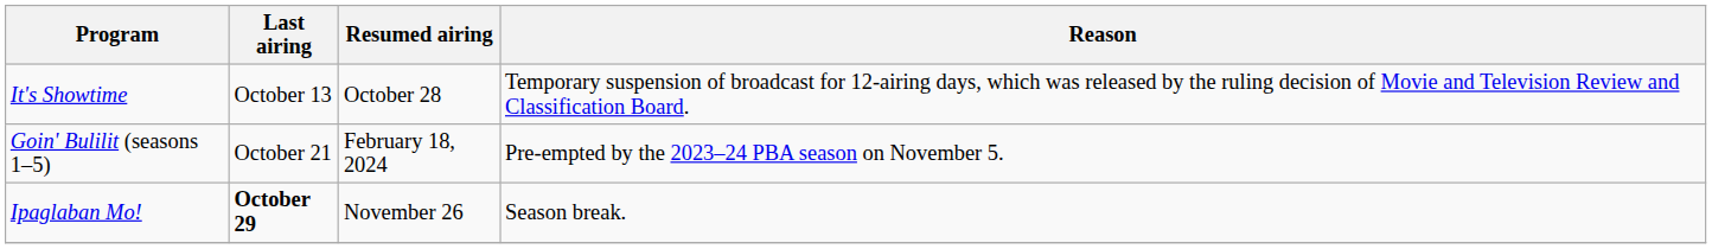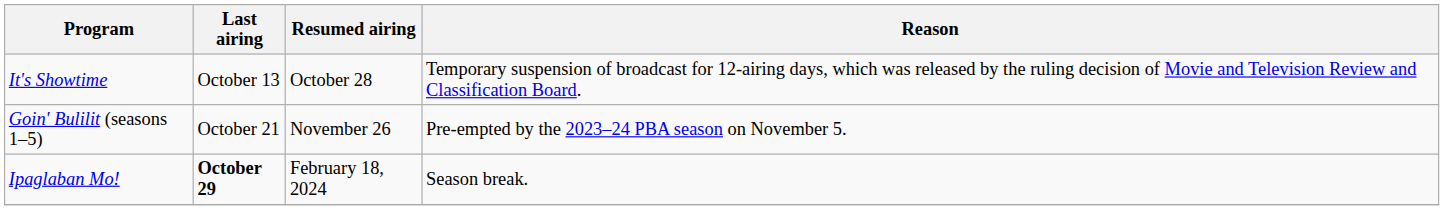 <table class="wikitable">
 <tr>
 <th>Program</th>
 <th>Last airing</th>
 <th>Resumed airing</th>
 <th>Reason</th>
 </tr>
 <tr>
 <td><em><a href='#'>It's Showtime</a></em></td>
 <td>October 13</td>
 <td>October 28</td>
 <td>Temporary suspension of broadcast for 12-airing days, which was released by the ruling decision of <a href='#'>Movie and Television Review and Classification Board</a>.</td>
 </tr>
 <tr>
 <td><em><a href='#'>Goin' Bulilit</a></em> (seasons 1–5)</td>
 <td>October 21</td>
-<td>February 18, 2024</td>
+<td>November 26</td>
 <td>Pre-empted by the <a href='#'>2023–24 PBA season</a> on November 5.</td>
 </tr>
 <tr>
 <td><em><a href='#'>Ipaglaban Mo!</a></em></td>
 <td><strong>October 29</strong></td>
-<td>November 26</td>
+<td>February 18, 2024</td>
 <td>Season break.</td>
 </tr>
 <tr>
 </tr>
 </table>
